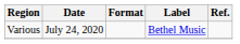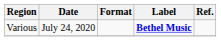 <table class="wikitable plainrowheaders">
 <tr>
 <th scope="col">Region</th>
 <th scope="col">Date</th>
 <th scope="col">Format</th>
 <th scope="col">Label</th>
 <th scope="col">Ref.</th>
 </tr>
 <tr>
 <td>Various</td>
 <td>July 24, 2020</td>
 <td></td>
-<td><a href='#'>Bethel Music</a></td>
+<td><strong><a href='#'>Bethel Music</a></strong></td>
 <td></td>
 </tr>
 <tr>
 </tr>
 </table>
